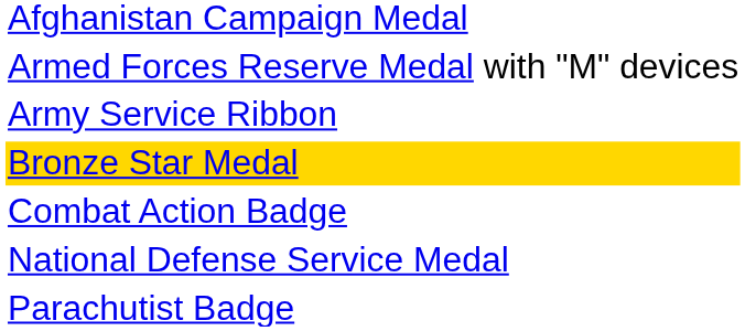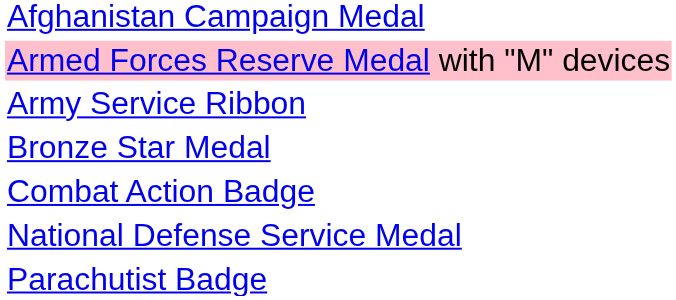 <table>
 <tr>
 <td> <a href='#'>Afghanistan Campaign Medal</a></td>
 </tr>
 <tr>
-<td> <a href='#'>Armed Forces Reserve Medal</a> with "M" devices</td>
+<td style="background: pink;"> <a href='#'>Armed Forces Reserve Medal</a> with "M" devices</td>
 </tr>
 <tr>
 <td> <a href='#'>Army Service Ribbon</a></td>
 </tr>
 <tr>
-<td style="background: gold;"> <a href='#'>Bronze Star Medal</a></td>
+<td> <a href='#'>Bronze Star Medal</a></td>
 </tr>
 <tr>
 <td> <a href='#'>Combat Action Badge</a></td>
 </tr>
 <tr>
 <td> <a href='#'>National Defense Service Medal</a></td>
 </tr>
 <tr>
 <td> <a href='#'>Parachutist Badge</a></td>
 </tr>
 </table>
